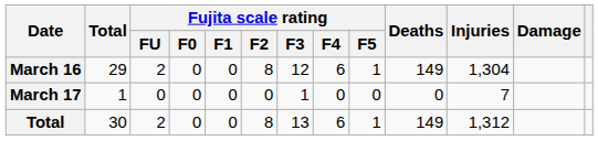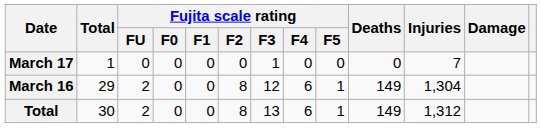 <table class="wikitable sortable" style="margin: 1em auto 1em auto;float:center">
 <tr>
 <th scope="col" rowspan="2">Date</th>
 <th scope="col" rowspan="2" align="center">Total</th>
 <th scope="col" colspan="7" align="center"><a href='#'>Fujita scale</a> rating</th>
 <th scope="col" rowspan="2" align="center">Deaths</th>
 <th scope="col" rowspan="2" align="center">Injuries</th>
 <th scope="col" rowspan="2" align="center">Damage</th>
 <th scope="col" rowspan="2" align="center" class="unsortable"></th>
 </tr>
 <tr>
 <th scope="col" align="center"> FU </th>
 <th scope="col" align="center"> F0 </th>
 <th scope="col" align="center"> F1 </th>
 <th scope="col" align="center"> F2 </th>
 <th scope="col" align="center"> F3 </th>
 <th scope="col" align="center"> F4 </th>
 <th scope="col" align="center"> F5 </th>
 </tr>
 <tr>
+<th scope="row">March 17</th>
+<td align="right">1</td>
+<td align="right">0</td>
+<td align="right">0</td>
+<td align="right">0</td>
+<td align="right">0</td>
+<td align="right">1</td>
+<td align="right">0</td>
+<td align="right">0</td>
+<td align="right">0</td>
+<td align="right">7</td>
+<td align="right"></td>
+<td align="right"></td>
+</tr>
+<tr>
 <th scope="row">March 16</th>
 <td align="right">29</td>
 <td align="right">2</td>
 <td align="right">0</td>
 <td align="right">0</td>
 <td align="right">8</td>
 <td align="right">12</td>
 <td align="right">6</td>
 <td align="right">1</td>
 <td align="right">149</td>
 <td align="right">1,304</td>
-<td align="right"></td>
-<td align="right"></td>
-</tr>
-<tr>
-<th scope="row">March 17</th>
-<td align="right">1</td>
-<td align="right">0</td>
-<td align="right">0</td>
-<td align="right">0</td>
-<td align="right">0</td>
-<td align="right">1</td>
-<td align="right">0</td>
-<td align="right">0</td>
-<td align="right">0</td>
-<td align="right">7</td>
 <td align="right"></td>
 <td align="right"></td>
 </tr>
 <tr class="sortbottom">
 <th scope="row">Total</th>
 <td align="right">30</td>
 <td align="right">2</td>
 <td align="right">0</td>
 <td align="right">0</td>
 <td align="right">8</td>
 <td align="right">13</td>
 <td align="right">6</td>
 <td align="right">1</td>
 <td align="right">149</td>
 <td align="right">1,312</td>
 <td align="right"></td>
 <td align="right"></td>
 </tr>
 </table>
